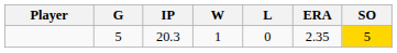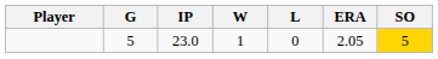 <table class="wikitable sortable">
 <tr>
 <th bgcolor="#DDDDFF" width="16%">Player</th>
 <th bgcolor="#DDDDFF" width="9%">G</th>
 <th bgcolor="#DDDDFF" width="9%">IP</th>
 <th bgcolor="#DDDDFF" width="9%">W</th>
 <th bgcolor="#DDDDFF" width="9%">L</th>
 <th bgcolor="#DDDDFF" width="9%">ERA</th>
 <th bgcolor="#DDDDFF" width="9%">SO</th>
 </tr>
 <tr align="center">
 <td></td>
 <td>5</td>
-<td>20.3</td>
+<td>23.0</td>
 <td>1</td>
 <td>0</td>
-<td>2.35</td>
+<td>2.05</td>
 <td style="background: gold;">5</td>
 </tr>
 </table>
